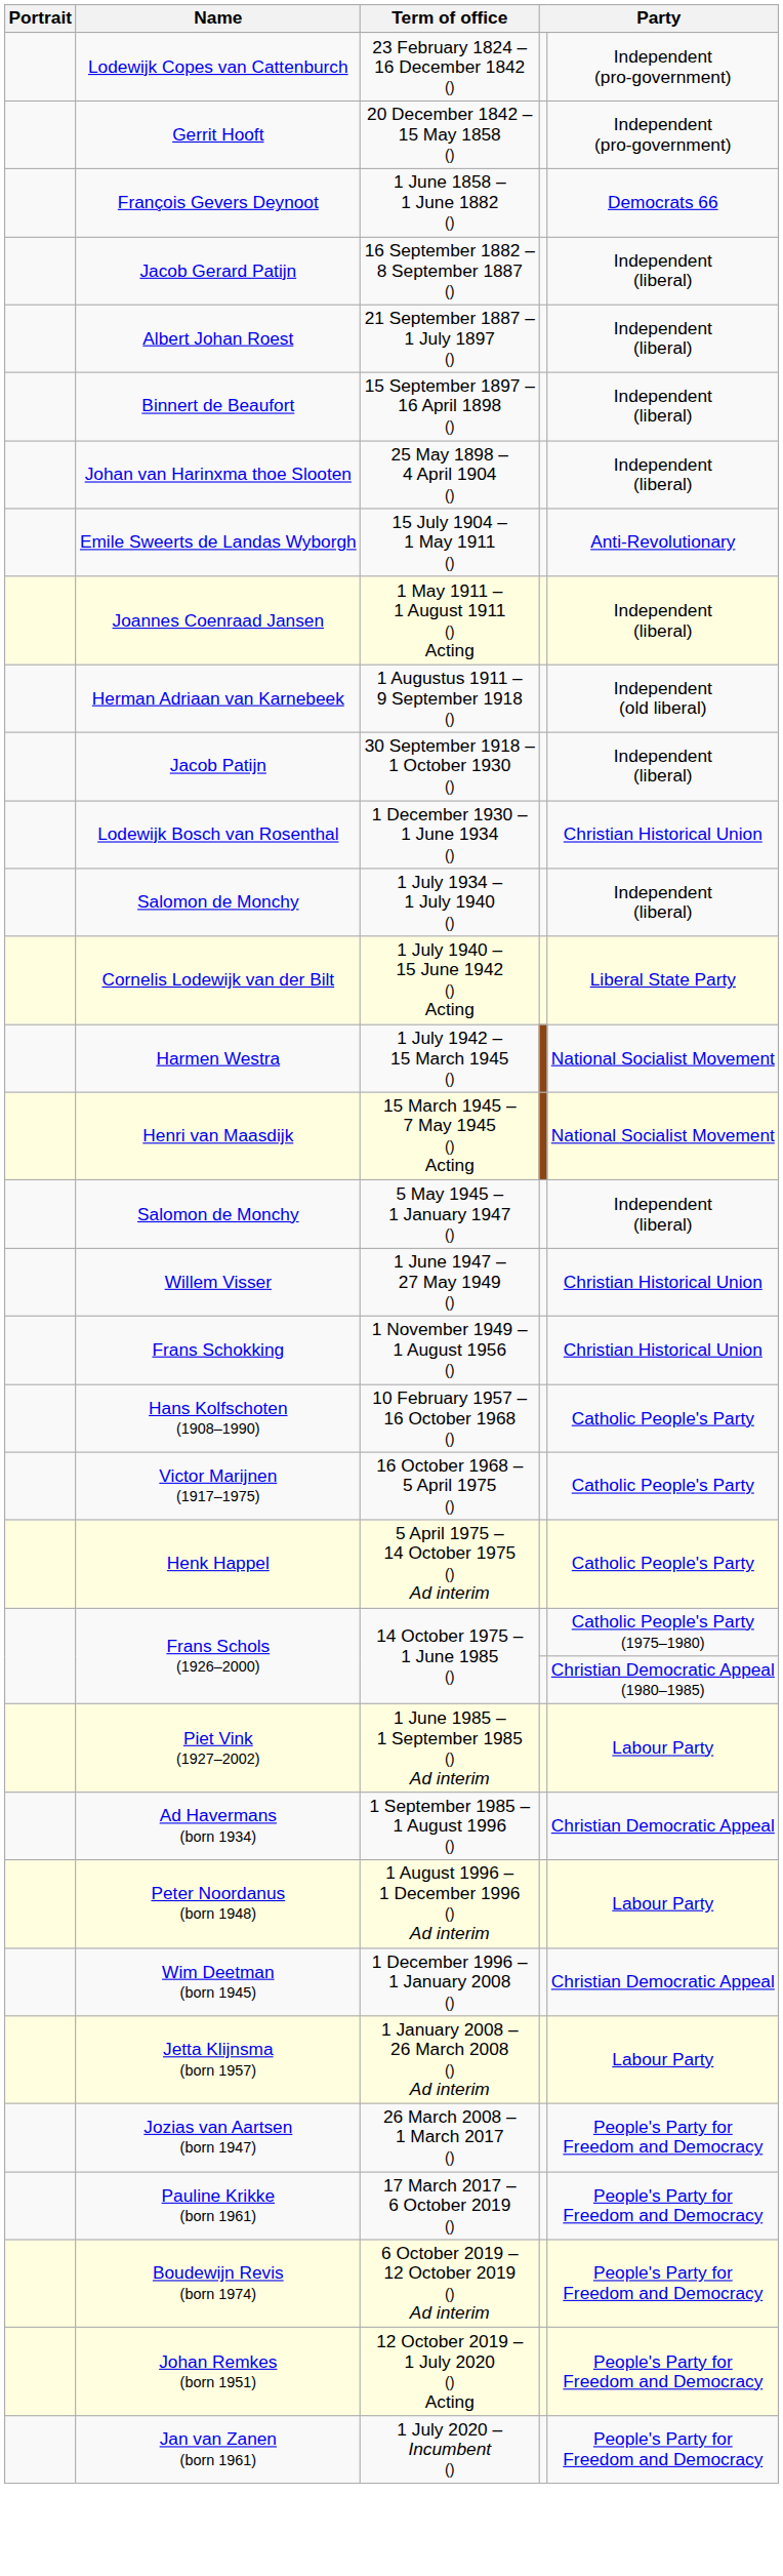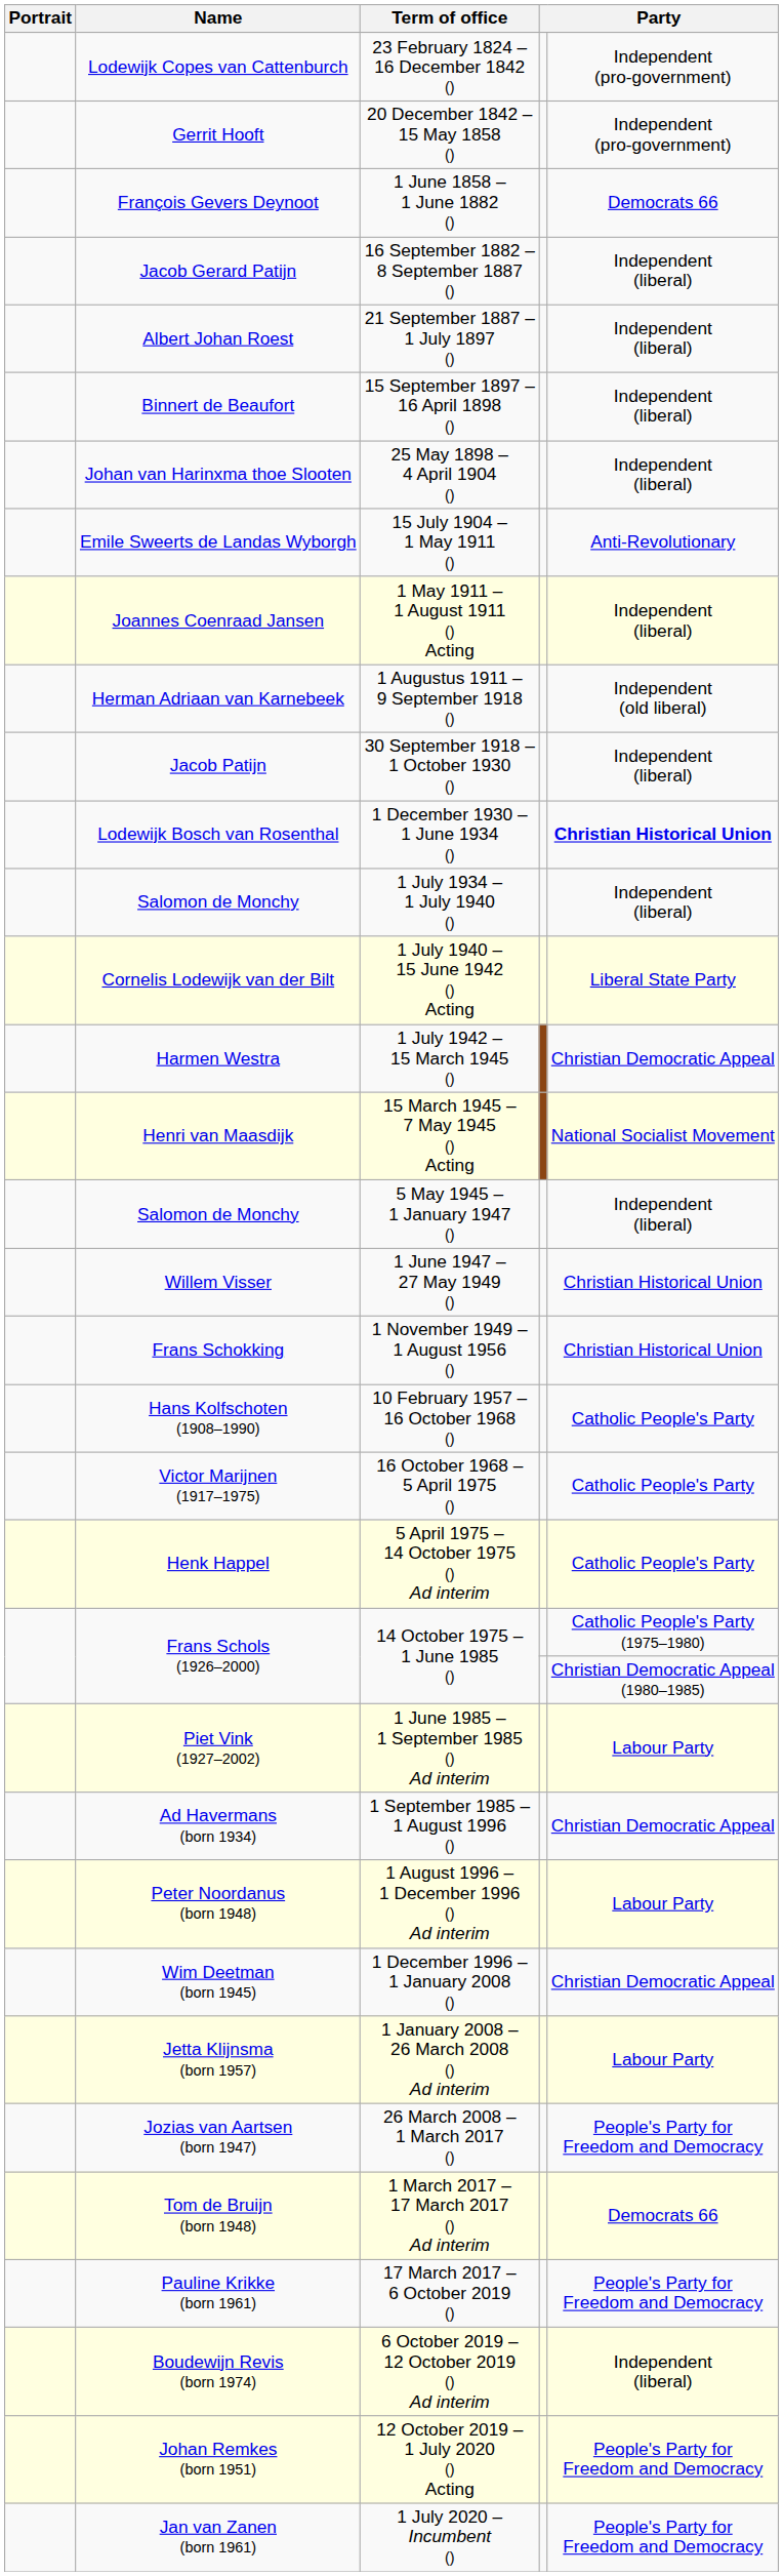 <table class="wikitable" style="text-align:center">
 <tr>
 <th>Portrait</th>
 <th>Name</th>
 <th>Term of office</th>
 <th colspan=2>Party</th>
 </tr>
 <tr>
 <td></td>
 <td><a href='#'>Lodewijk Copes van Cattenburch</a><br></td>
 <td>23 February 1824 – <br> 16 December 1842 <br> <small>()</small></td>
 <td style="background:"></td>
 <td>Independent <br> (pro-government)</td>
 </tr>
 <tr>
 <td></td>
 <td><a href='#'>Gerrit Hooft</a><br></td>
 <td>20 December 1842 – <br> 15 May 1858 <br> <small>()</small> <br> </td>
 <td style="background:"></td>
 <td>Independent <br> (pro-government)</td>
 </tr>
 <tr>
 <td></td>
 <td><a href='#'>François Gevers Deynoot</a><br></td>
 <td>1 June 1858 – <br> 1 June 1882 <br> <small>()</small></td>
 <td style="background:"></td>
 <td><a href='#'>Democrats 66</a></td>
 </tr>
 <tr>
 <td></td>
 <td><a href='#'>Jacob Gerard Patijn</a><br></td>
 <td>16 September 1882 – <br> 8 September 1887 <br> <small>()</small></td>
 <td style="background:"></td>
 <td>Independent <br> (liberal)</td>
 </tr>
 <tr>
 <td></td>
 <td><a href='#'>Albert Johan Roest</a><br></td>
 <td>21 September 1887 – <br> 1 July 1897 <br> <small>()</small></td>
 <td style="background:"></td>
 <td>Independent <br> (liberal)</td>
 </tr>
 <tr>
 <td></td>
 <td><a href='#'>Binnert de Beaufort</a><br></td>
 <td>15 September 1897 – <br> 16 April 1898 <br> <small>()</small></td>
 <td style="background:"></td>
 <td>Independent <br> (liberal)</td>
 </tr>
 <tr>
 <td></td>
 <td><a href='#'>Johan van Harinxma thoe Slooten</a><br></td>
 <td>25 May 1898 – <br> 4 April 1904 <br> <small>()</small></td>
 <td style="background:"></td>
 <td>Independent <br> (liberal)</td>
 </tr>
 <tr>
 <td></td>
 <td><a href='#'>Emile Sweerts de Landas Wyborgh</a><br></td>
 <td>15 July 1904 – <br> 1 May 1911 <br> <small>()</small></td>
 <td style="background:"></td>
 <td><a href='#'>Anti-Revolutionary</a></td>
 </tr>
 <tr style="background:lightyellow">
 <td></td>
 <td><a href='#'>Joannes Coenraad Jansen</a></td>
 <td>1 May 1911 – <br> 1 August 1911 <br> <small>()</small> <br> Acting</td>
 <td style="background:"></td>
 <td>Independent <br> (liberal)</td>
 </tr>
 <tr>
 <td></td>
 <td><a href='#'>Herman Adriaan van Karnebeek</a><br></td>
 <td>1 Augustus 1911 – <br> 9 September 1918 <br> <small>()</small></td>
 <td style="background:"></td>
 <td>Independent <br> (old liberal)</td>
 </tr>
 <tr>
 <td></td>
 <td><a href='#'>Jacob Patijn</a><br></td>
 <td>30 September 1918 – <br> 1 October 1930 <br> <small>()</small></td>
 <td style="background:"></td>
 <td>Independent <br> (liberal)</td>
 </tr>
 <tr>
 <td></td>
 <td><a href='#'>Lodewijk Bosch van Rosenthal</a><br></td>
 <td>1 December 1930 – <br> 1 June 1934 <br> <small>()</small></td>
 <td style="background:"></td>
-<td><a href='#'>Christian Historical Union</a></td>
+<td><strong><a href='#'>Christian Historical Union</a></strong></td>
 </tr>
 <tr>
 <td></td>
 <td><a href='#'>Salomon de Monchy</a><br></td>
 <td>1 July 1934 – <br> 1 July 1940 <br> <small>()</small></td>
 <td style="background:"></td>
 <td>Independent <br> (liberal)</td>
 </tr>
 <tr style="background:lightyellow">
 <td></td>
 <td><a href='#'>Cornelis Lodewijk van der Bilt</a></td>
 <td>1 July 1940 – <br> 15 June 1942 <br> <small>()</small> <br> Acting</td>
 <td style="background:"></td>
 <td><a href='#'>Liberal State Party</a></td>
 </tr>
 <tr>
 <td></td>
 <td><a href='#'>Harmen Westra</a><br></td>
 <td>1 July 1942 – <br> 15 March 1945 <br> <small>()</small></td>
 <td style="background:saddlebrown"></td>
-<td><a href='#'>National Socialist Movement</a></td>
+<td><a href='#'>Christian Democratic Appeal</a></td>
 </tr>
 <tr style="background:lightyellow">
 <td></td>
 <td><a href='#'>Henri van Maasdijk</a></td>
 <td>15 March 1945 – <br> 7 May 1945 <br> <small>()</small> <br> Acting</td>
 <td style="background:saddlebrown"></td>
 <td><a href='#'>National Socialist Movement</a></td>
 </tr>
 <tr>
 <td></td>
 <td><a href='#'>Salomon de Monchy</a><br></td>
 <td>5 May 1945 – <br> 1 January 1947 <br> <small>()</small></td>
 <td style="background:"></td>
 <td>Independent <br> (liberal)</td>
 </tr>
 <tr>
 <td></td>
 <td><a href='#'>Willem Visser</a><br></td>
 <td>1 June 1947 – <br> 27 May 1949 <br> <small>()</small></td>
 <td style="background:"></td>
 <td><a href='#'>Christian Historical Union</a></td>
 </tr>
 <tr>
 <td></td>
 <td><a href='#'>Frans Schokking</a><br></td>
 <td>1 November 1949 – <br> 1 August 1956 <br> <small>()</small></td>
 <td style="background:"></td>
 <td><a href='#'>Christian Historical Union</a></td>
 </tr>
 <tr>
 <td></td>
 <td><a href='#'>Hans Kolfschoten</a> <br> <small>(1908–1990)</small></td>
 <td>10 February 1957 – <br> 16 October 1968 <br> <small>()</small></td>
 <td style="background:"></td>
 <td><a href='#'>Catholic People's Party</a></td>
 </tr>
 <tr>
 <td></td>
 <td><a href='#'>Victor Marijnen</a> <br> <small>(1917–1975)</small></td>
 <td>16 October 1968 – <br> 5 April 1975 <br> <small>()</small></td>
 <td style="background:"></td>
 <td><a href='#'>Catholic People's Party</a></td>
 </tr>
 <tr style="background:lightyellow">
 <td></td>
 <td><a href='#'>Henk Happel</a></td>
 <td>5 April 1975 – <br> 14 October 1975 <br> <small>()</small> <br> <em>Ad interim</em></td>
 <td style="background:"></td>
 <td><a href='#'>Catholic People's Party</a></td>
 </tr>
 <tr>
 <td rowspan=2></td>
 <td rowspan=2><a href='#'>Frans Schols</a> <br> <small>(1926–2000)</small></td>
 <td rowspan=2>14 October 1975 – <br> 1 June 1985 <br> <small>()</small></td>
 <td style="background:"></td>
 <td><a href='#'>Catholic People's Party</a> <br> <small>(1975–1980)</small></td>
 </tr>
 <tr>
 <td style="background:"></td>
 <td><a href='#'>Christian Democratic Appeal</a> <br> <small>(1980–1985)</small></td>
 </tr>
 <tr style="background:lightyellow">
 <td></td>
 <td><a href='#'>Piet Vink</a> <br> <small>(1927–2002)</small></td>
 <td>1 June 1985 – <br> 1 September 1985 <br> <small>()</small> <br> <em>Ad interim</em></td>
 <td style="background:"></td>
 <td><a href='#'>Labour Party</a></td>
 </tr>
 <tr>
 <td></td>
 <td><a href='#'>Ad Havermans</a> <br> <small>(born 1934)</small></td>
 <td>1 September 1985 – <br> 1 August 1996 <br> <small>()</small></td>
 <td style="background:"></td>
 <td><a href='#'>Christian Democratic Appeal</a></td>
 </tr>
 <tr style="background:lightyellow">
 <td></td>
 <td><a href='#'>Peter Noordanus</a> <br> <small>(born 1948)</small></td>
 <td>1 August 1996 – <br> 1 December 1996 <br> <small>()</small> <br> <em>Ad interim</em></td>
 <td style="background:"></td>
 <td><a href='#'>Labour Party</a></td>
 </tr>
 <tr>
 <td></td>
 <td><a href='#'>Wim Deetman</a> <br> <small>(born 1945)</small></td>
 <td>1 December 1996 – <br> 1 January 2008 <br> <small>()</small></td>
 <td style="background:"></td>
 <td><a href='#'>Christian Democratic Appeal</a></td>
 </tr>
 <tr style="background:lightyellow">
 <td></td>
 <td><a href='#'>Jetta Klijnsma</a> <br> <small>(born 1957)</small></td>
 <td>1 January 2008 – <br> 26 March 2008 <br> <small>()</small> <br> <em>Ad interim</em></td>
 <td style="background:"></td>
 <td><a href='#'>Labour Party</a></td>
 </tr>
 <tr>
 <td></td>
 <td><a href='#'>Jozias van Aartsen</a> <br> <small>(born 1947)</small></td>
 <td>26 March 2008 – <br> 1 March 2017 <br> <small>()</small> <br> </td>
 <td style="background:"></td>
 <td><a href='#'>People's Party for <br> Freedom and Democracy</a></td>
 </tr>
+<tr style="background:lightyellow">
+<td></td>
+<td><a href='#'>Tom de Bruijn</a> <br> <small>(born 1948)</small></td>
+<td>1 March 2017 – <br> 17 March 2017 <br> <small>()</small> <br> <em>Ad interim</em></td>
+<td style="background:"></td>
+<td><a href='#'>Democrats 66</a></td>
+</tr>
 <tr>
 <td></td>
 <td><a href='#'>Pauline Krikke</a> <br> <small>(born 1961)</small></td>
 <td>17 March 2017 – <br> 6 October 2019 <br> <small>()</small></td>
 <td style="background:"></td>
 <td><a href='#'>People's Party for <br> Freedom and Democracy</a></td>
 </tr>
 <tr style="background:lightyellow">
 <td></td>
 <td><a href='#'>Boudewijn Revis</a> <br> <small>(born 1974)</small></td>
 <td>6 October 2019 – <br> 12 October 2019 <br> <small>()</small> <br> <em>Ad interim</em></td>
 <td style="background:"></td>
-<td><a href='#'>People's Party for <br> Freedom and Democracy</a></td>
+<td>Independent <br> (liberal)</td>
 </tr>
 <tr style="background:lightyellow">
 <td></td>
 <td><a href='#'>Johan Remkes</a> <br> <small>(born 1951)</small></td>
 <td>12 October 2019 – <br> 1 July 2020 <br> <small>()</small> <br> Acting</td>
 <td style="background:"></td>
 <td><a href='#'>People's Party for <br> Freedom and Democracy</a></td>
 </tr>
 <tr>
 <td></td>
 <td><a href='#'>Jan van Zanen</a> <br> <small>(born 1961)</small></td>
 <td>1 July 2020 – <br> <em>Incumbent</em> <br> <small>()</small></td>
 <td style="background:"></td>
 <td><a href='#'>People's Party for <br> Freedom and Democracy</a></td>
 </tr>
 </table>
